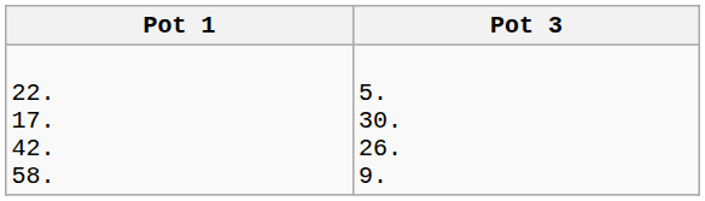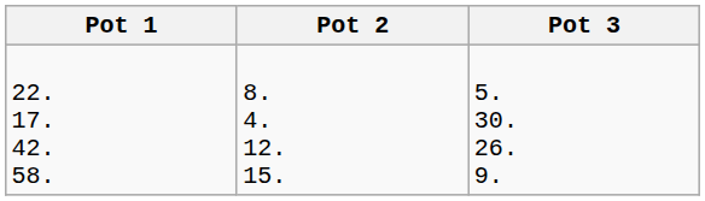 <table class="wikitable" width=60%>
 <tr>
 <th width=30%>Pot 1</th>
+<th width=30%>Pot 2</th>
 <th width=30%>Pot 3</th>
 </tr>
 <tr>
 <td><br>22. <br> 17. <br> 42. <br> 58. <br></td>
+<td><br>8. <br> 4. <br> 12. <br> 15. <br></td>
 <td><br>5. <br> 30. <br> 26.<br> 9. <br></td>
 </tr>
 </table>
